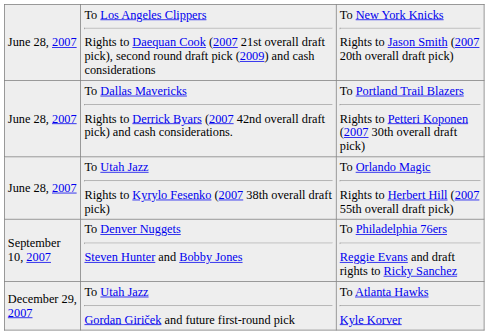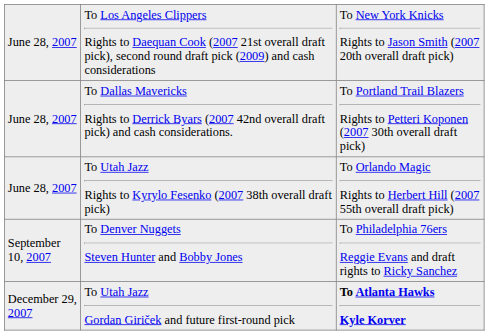 <table border="1" style="border-collapse:collapse; background:#eee;"  cellpadding="4">
 <tr style="background:#eee;">
 <td>June 28, <a href='#'>2007</a></td>
 <td valign="top">To <a href='#'>Los Angeles Clippers</a><hr>Rights to <a href='#'>Daequan Cook</a> (<a href='#'>2007</a> 21st overall draft pick), second round draft pick (<a href='#'>2009</a>) and cash considerations</td>
 <td valign="top">To <a href='#'>New York Knicks</a><hr>Rights to <a href='#'>Jason Smith</a> (<a href='#'>2007</a> 20th overall draft pick)</td>
 </tr>
 <tr style="background:#eee;">
 <td>June 28, <a href='#'>2007</a></td>
 <td valign="top">To <a href='#'>Dallas Mavericks</a><hr>Rights to <a href='#'>Derrick Byars</a> (<a href='#'>2007</a> 42nd overall draft pick) and cash considerations.</td>
 <td valign="top">To <a href='#'>Portland Trail Blazers</a><hr>Rights to <a href='#'>Petteri Koponen</a> (<a href='#'>2007</a> 30th overall draft pick)</td>
 </tr>
 <tr style="background:#eee;">
 <td>June 28, <a href='#'>2007</a></td>
 <td valign="top">To <a href='#'>Utah Jazz</a><hr>Rights to <a href='#'>Kyrylo Fesenko</a> (<a href='#'>2007</a> 38th overall draft pick)</td>
 <td valign="top">To <a href='#'>Orlando Magic</a><hr>Rights to <a href='#'>Herbert Hill</a> (<a href='#'>2007</a> 55th overall draft pick)</td>
 </tr>
 <tr style="background:#eee;">
 <td>September 10, <a href='#'>2007</a></td>
 <td valign="top">To <a href='#'>Denver Nuggets</a><hr><a href='#'>Steven Hunter</a> and <a href='#'>Bobby Jones</a></td>
 <td valign="top">To <a href='#'>Philadelphia 76ers</a><hr><a href='#'>Reggie Evans</a> and draft rights to <a href='#'>Ricky Sanchez</a></td>
 </tr>
 <tr style="background:#eee;">
 <td>December 29, <a href='#'>2007</a></td>
 <td valign="top">To <a href='#'>Utah Jazz</a><hr><a href='#'>Gordan Giriček</a> and future first-round pick</td>
-<td valign="top">To <a href='#'>Atlanta Hawks</a><hr><a href='#'>Kyle Korver</a></td>
+<td valign="top"><strong>To <a href='#'>Atlanta Hawks</a><hr><a href='#'>Kyle Korver</a></strong></td>
 </tr>
 </table>
